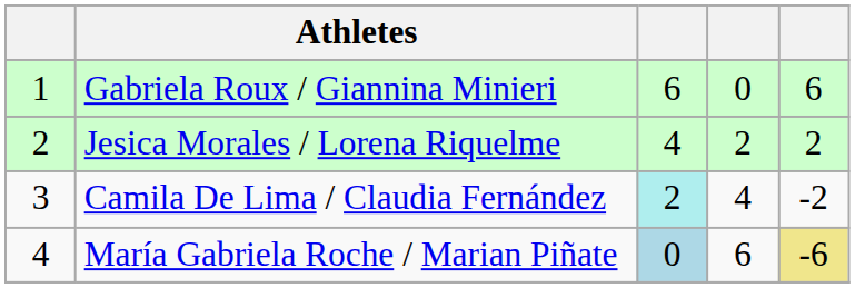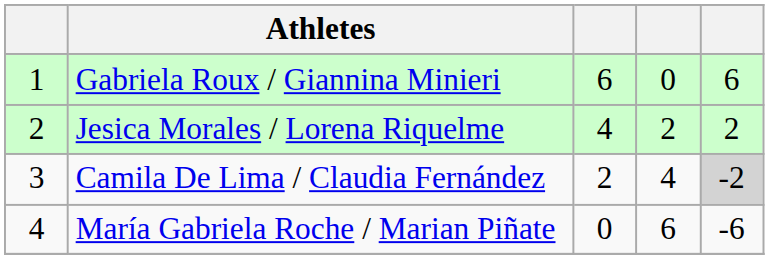 <table class="wikitable" style="text-align: center; font-size:100% ">
 <tr>
 <th width=25></th>
 <th width=250>Athletes</th>
 <th width=25></th>
 <th width=25></th>
 <th width=25></th>
 </tr>
 <tr bgcolor="ccffcc">
 <td>1</td>
 <td align=left> <a href='#'>Gabriela Roux</a> / <a href='#'>Giannina Minieri</a></td>
 <td>6</td>
 <td>0</td>
 <td>6</td>
 </tr>
 <tr bgcolor="ccffcc">
 <td>2</td>
 <td align=left> <a href='#'>Jesica Morales</a> / <a href='#'>Lorena Riquelme</a></td>
 <td>4</td>
 <td>2</td>
 <td>2</td>
 </tr>
 <tr>
 <td>3</td>
 <td align=left> <a href='#'>Camila De Lima</a> / <a href='#'>Claudia Fernández</a></td>
-<td style="background: paleturquoise;">2</td>
+<td>2</td>
 <td>4</td>
-<td>-2</td>
+<td style="background: lightgrey;">-2</td>
 </tr>
 <tr>
 <td>4</td>
 <td align=left> <a href='#'>María Gabriela Roche</a> / <a href='#'>Marian Piñate</a></td>
-<td style="background: lightblue;">0</td>
+<td>0</td>
 <td>6</td>
-<td style="background: khaki;">-6</td>
+<td>-6</td>
 </tr>
 <tr>
 </tr>
 </table>
